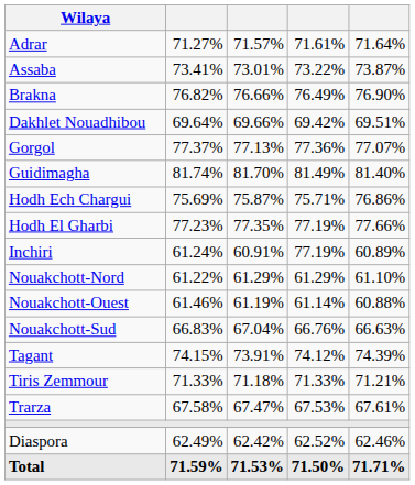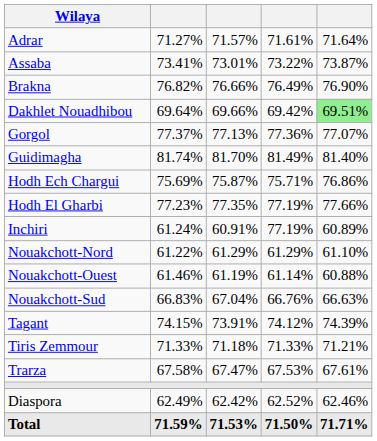 <table class="wikitable sortable" style="text-align:right;">
 <tr>
 <th width="150"><a href='#'>Wilaya</a></th>
 <th width="50"></th>
 <th width="50"></th>
 <th width="50"></th>
 <th width="50"></th>
 </tr>
 <tr>
 <td style="text-align:left"><a href='#'>Adrar</a></td>
 <td>71.27%</td>
 <td>71.57%</td>
 <td>71.61%</td>
 <td>71.64%</td>
 </tr>
 <tr>
 <td style="text-align:left"><a href='#'>Assaba</a></td>
 <td>73.41%</td>
 <td>73.01%</td>
 <td>73.22%</td>
 <td>73.87%</td>
 </tr>
 <tr>
 <td style="text-align:left"><a href='#'>Brakna</a></td>
 <td>76.82%</td>
 <td>76.66%</td>
 <td>76.49%</td>
 <td>76.90%</td>
 </tr>
 <tr>
 <td style="text-align:left"><a href='#'>Dakhlet Nouadhibou</a></td>
 <td>69.64%</td>
 <td>69.66%</td>
 <td>69.42%</td>
-<td>69.51%</td>
+<td style="background: lightgreen;">69.51%</td>
 </tr>
 <tr>
 <td style="text-align:left"><a href='#'>Gorgol</a></td>
 <td>77.37%</td>
 <td>77.13%</td>
 <td>77.36%</td>
 <td>77.07%</td>
 </tr>
 <tr>
 <td style="text-align:left"><a href='#'>Guidimagha</a></td>
 <td>81.74%</td>
 <td>81.70%</td>
 <td>81.49%</td>
 <td>81.40%</td>
 </tr>
 <tr>
 <td style="text-align:left"><a href='#'>Hodh Ech Chargui</a></td>
 <td>75.69%</td>
 <td>75.87%</td>
 <td>75.71%</td>
 <td>76.86%</td>
 </tr>
 <tr>
 <td style="text-align:left"><a href='#'>Hodh El Gharbi</a></td>
 <td>77.23%</td>
 <td>77.35%</td>
 <td>77.19%</td>
 <td>77.66%</td>
 </tr>
 <tr>
 <td style="text-align:left"><a href='#'>Inchiri</a></td>
 <td>61.24%</td>
 <td>60.91%</td>
 <td>77.19%</td>
 <td>60.89%</td>
 </tr>
 <tr>
 <td style="text-align:left"><a href='#'>Nouakchott-Nord</a></td>
 <td>61.22%</td>
 <td>61.29%</td>
 <td>61.29%</td>
 <td>61.10%</td>
 </tr>
 <tr>
 <td style="text-align:left"><a href='#'>Nouakchott-Ouest</a></td>
 <td>61.46%</td>
 <td>61.19%</td>
 <td>61.14%</td>
 <td>60.88%</td>
 </tr>
 <tr>
 <td style="text-align:left"><a href='#'>Nouakchott-Sud</a></td>
 <td>66.83%</td>
 <td>67.04%</td>
 <td>66.76%</td>
 <td>66.63%</td>
 </tr>
 <tr>
 <td style="text-align:left"><a href='#'>Tagant</a></td>
 <td>74.15%</td>
 <td>73.91%</td>
 <td>74.12%</td>
 <td>74.39%</td>
 </tr>
 <tr>
 <td style="text-align:left"><a href='#'>Tiris Zemmour</a></td>
 <td>71.33%</td>
 <td>71.18%</td>
 <td>71.33%</td>
 <td>71.21%</td>
 </tr>
 <tr>
 <td style="text-align:left"><a href='#'>Trarza</a></td>
 <td>67.58%</td>
 <td>67.47%</td>
 <td>67.53%</td>
 <td>67.61%</td>
 </tr>
 <tr>
 <td colspan="5" style="background:#E9E9E9;"></td>
 </tr>
 <tr>
 <td style="text-align:left">Diaspora</td>
 <td>62.49%</td>
 <td>62.42%</td>
 <td>62.52%</td>
 <td>62.46%</td>
 </tr>
 <tr>
 <td style="text-align:left;background:#E9E9E9;"><strong>Total</strong></td>
 <td style="background:#E9E9E9;"><strong>71.59%</strong></td>
 <td style="background:#E9E9E9;"><strong>71.53%</strong></td>
 <td style="background:#E9E9E9;"><strong>71.50%</strong></td>
 <td style="background:#E9E9E9;"><strong>71.71%</strong></td>
 </tr>
 </table>
